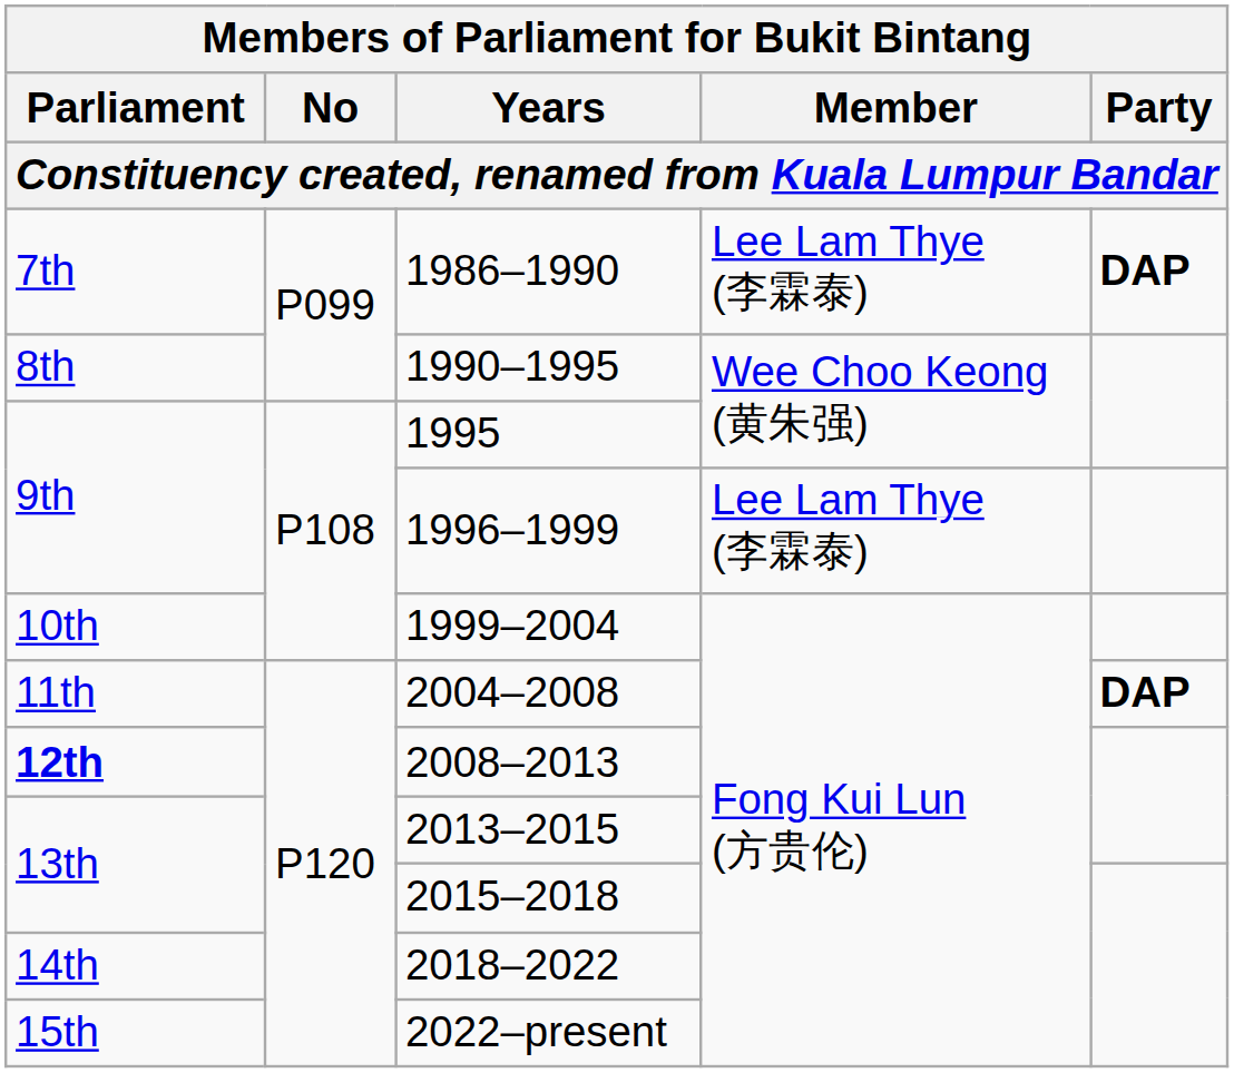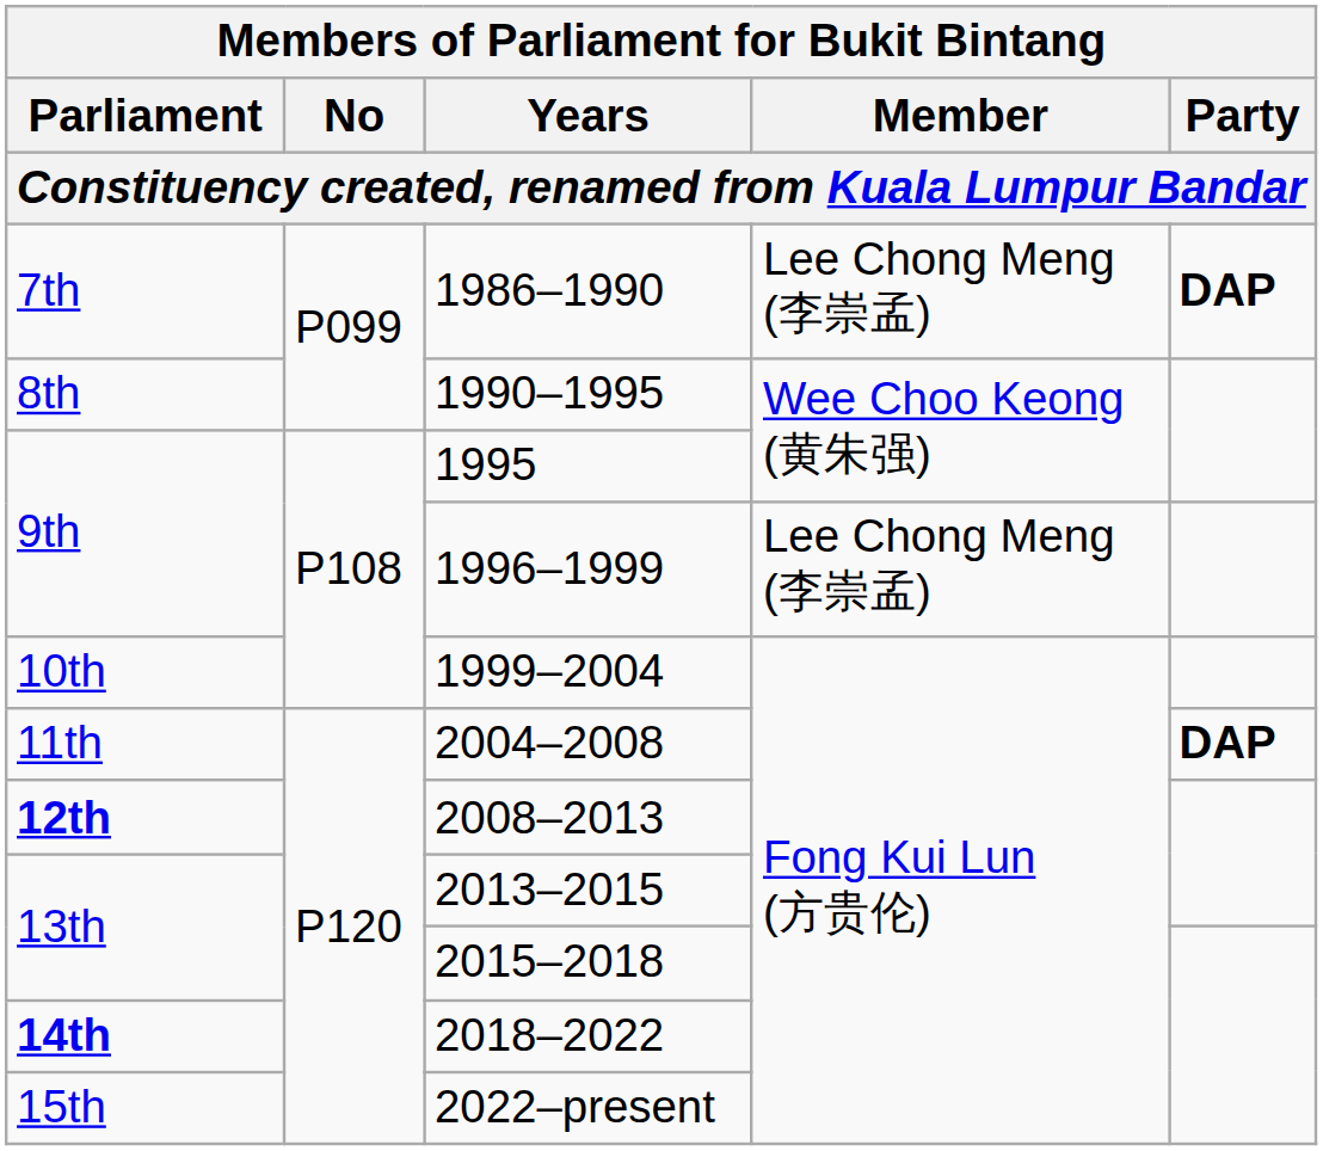 <table class=wikitable>
 <tr>
 <th colspan="5">Members of Parliament for Bukit Bintang</th>
 </tr>
 <tr>
 <th>Parliament</th>
 <th>No</th>
 <th>Years</th>
 <th>Member</th>
 <th>Party</th>
 </tr>
 <tr>
 <th colspan="5" align="center"><em>Constituency created, renamed from <a href='#'>Kuala Lumpur Bandar</a></em></th>
 </tr>
 <tr>
 <td><a href='#'>7th</a></td>
 <td rowspan="2">P099</td>
 <td>1986–1990</td>
-<td><a href='#'>Lee Lam Thye</a> <br> (李霖泰)</td>
+<td>Lee Chong Meng <br> (李崇孟)</td>
 <td><strong>DAP</strong></td>
 </tr>
 <tr>
 <td><a href='#'>8th</a></td>
 <td>1990–1995</td>
 <td rowspan=2><a href='#'>Wee Choo Keong</a> <br> (黄朱强)</td>
 <td rowspan=2 bgcolor=></td>
 </tr>
 <tr>
 <td rowspan=2><a href='#'>9th</a></td>
 <td rowspan="3">P108</td>
 <td>1995</td>
 </tr>
 <tr>
 <td>1996–1999</td>
-<td><a href='#'>Lee Lam Thye</a> <br> (李霖泰)</td>
+<td>Lee Chong Meng <br> (李崇孟)</td>
 <td></td>
 </tr>
 <tr>
 <td><a href='#'>10th</a></td>
 <td>1999–2004</td>
 <td rowspan=7><a href='#'>Fong Kui Lun</a> <br> (方贵伦)</td>
 <td rowspan="1"></td>
 </tr>
 <tr>
 <td><a href='#'>11th</a></td>
 <td rowspan=6>P120</td>
 <td>2004–2008</td>
 <td><strong>DAP</strong></td>
 </tr>
 <tr>
 <td><strong><a href='#'>12th</a></strong></td>
 <td>2008–2013</td>
 <td rowspan=2></td>
 </tr>
 <tr>
 <td rowspan=2><a href='#'>13th</a></td>
 <td>2013–2015</td>
 </tr>
 <tr>
 <td>2015–2018</td>
 <td rowspan=3></td>
 </tr>
 <tr>
-<td><a href='#'>14th</a></td>
+<td><strong><a href='#'>14th</a></strong></td>
 <td>2018–2022</td>
 </tr>
 <tr>
 <td><a href='#'>15th</a></td>
 <td>2022–present</td>
 </tr>
 </table>
